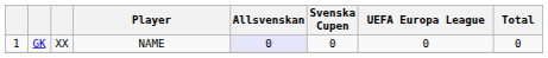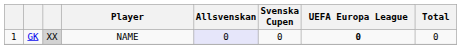 <table class="wikitable sortable" style="font-size: 95%; text-align: center;">
 <tr>
 <th width=20></th>
 <th width=20></th>
 <th width=20></th>
 <th width=175>Player</th>
 <th width=50>Allsvenskan</th>
 <th width=50>Svenska Cupen</th>
 <th width=150>UEFA Europa League</th>
 <th width=50><strong>Total</strong></th>
 </tr>
 <tr>
 <td rowspan=1>1</td>
 <td><a href='#'>GK</a></td>
-<td>XX</td>
+<td style="background: lightgrey;">XX</td>
 <td> NAME</td>
 <td style="background: lavender;">0</td>
 <td>0</td>
-<td>0</td>
+<td><strong>0</strong></td>
 <td>0</td>
 </tr>
 <tr>
 </tr>
 </table>
